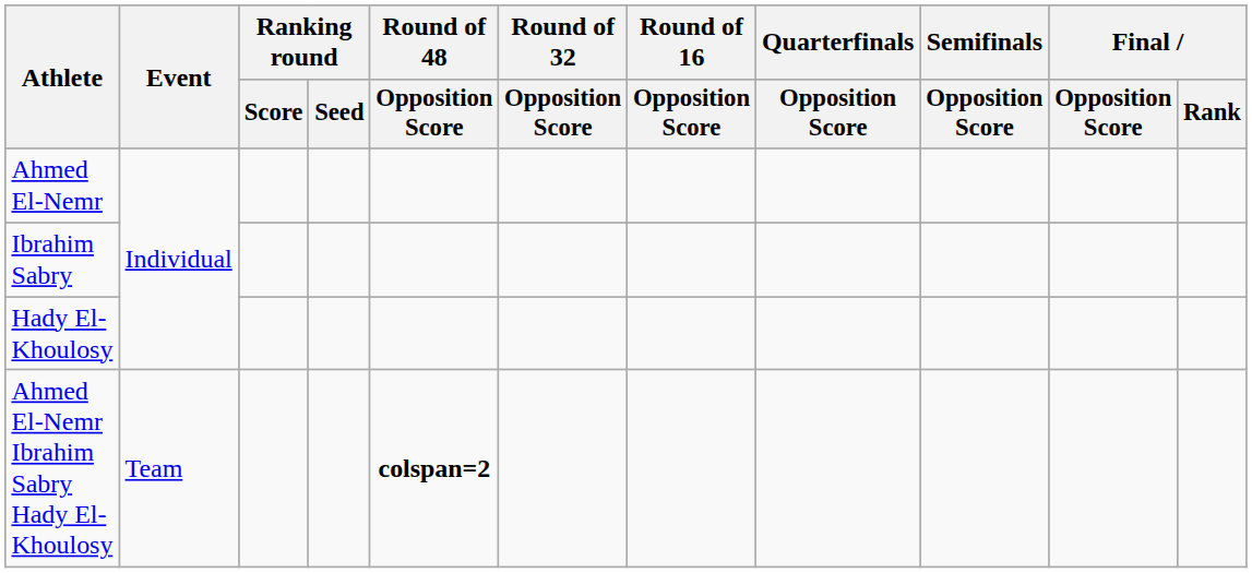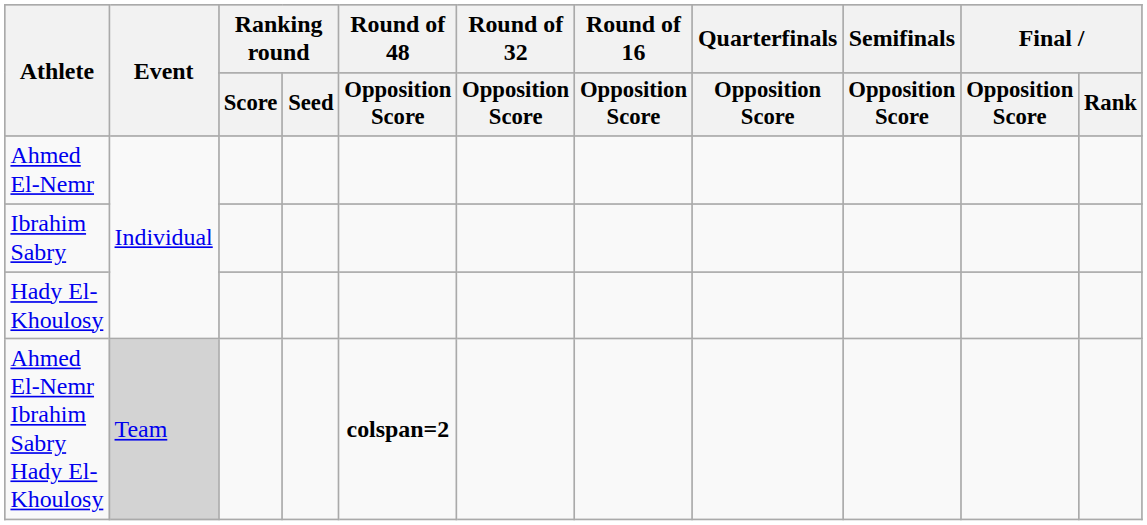 <table class="wikitable" style="font-size:90%">
 <tr>
 <th rowspan=2>Athlete</th>
 <th rowspan=2>Event</th>
 <th colspan=2>Ranking round</th>
 <th>Round of 48</th>
 <th>Round of 32</th>
 <th>Round of 16</th>
 <th>Quarterfinals</th>
 <th>Semifinals</th>
 <th colspan=2>Final / </th>
 </tr>
 <tr style="font-size:95%">
 <th>Score</th>
 <th>Seed</th>
 <th>Opposition<br>Score</th>
 <th>Opposition<br>Score</th>
 <th>Opposition<br>Score</th>
 <th>Opposition<br>Score</th>
 <th>Opposition<br>Score</th>
 <th>Opposition<br>Score</th>
 <th>Rank</th>
 </tr>
 <tr align=center>
 <td align=left><a href='#'>Ahmed El-Nemr</a></td>
 <td align=left rowspan=3><a href='#'>Individual</a></td>
 <td></td>
 <td></td>
 <td></td>
 <td></td>
 <td></td>
 <td></td>
 <td></td>
 <td></td>
 <td></td>
 </tr>
 <tr align=center>
 <td align=left><a href='#'>Ibrahim Sabry</a></td>
 <td></td>
 <td></td>
 <td></td>
 <td></td>
 <td></td>
 <td></td>
 <td></td>
 <td></td>
 <td></td>
 </tr>
 <tr align=center>
 <td align=left><a href='#'>Hady El-Khoulosy</a></td>
 <td></td>
 <td></td>
 <td></td>
 <td></td>
 <td></td>
 <td></td>
 <td></td>
 <td></td>
 <td></td>
 </tr>
 <tr align=center>
 <td align=left><a href='#'>Ahmed El-Nemr</a><br><a href='#'>Ibrahim Sabry</a><br><a href='#'>Hady El-Khoulosy</a></td>
-<td align=left><a href='#'>Team</a></td>
+<td align=left style="background: lightgrey;"><a href='#'>Team</a></td>
 <td></td>
 <td></td>
 <td><strong>colspan=2 </strong></td>
 <td></td>
 <td></td>
 <td></td>
 <td></td>
 <td></td>
 </tr>
 </table>
